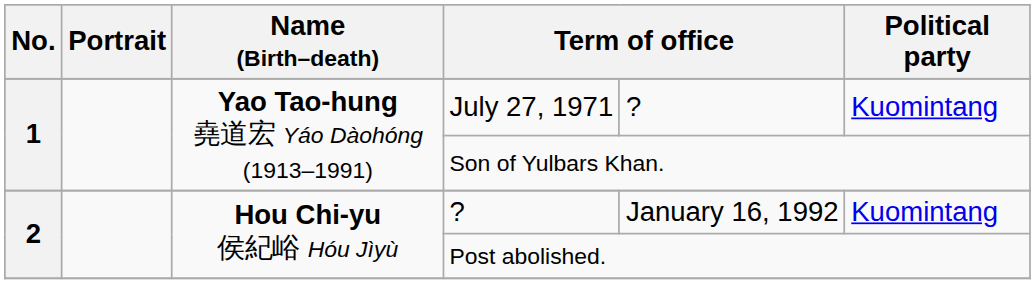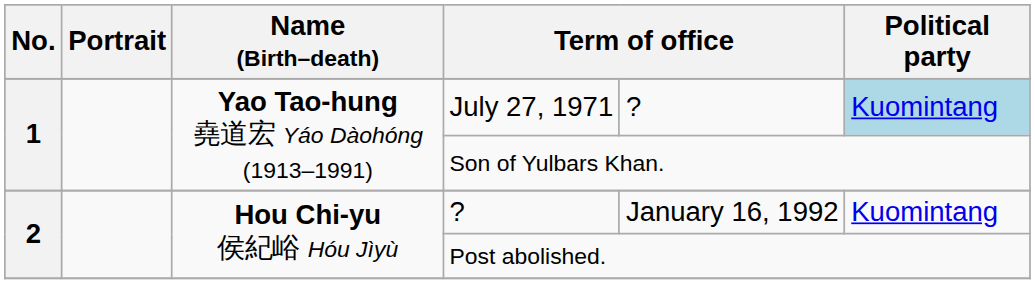 <table class="wikitable">
 <tr>
 <th>No.</th>
 <th>Portrait</th>
 <th width="150px">Name<br><small>(Birth–death)</small></th>
 <th colspan="2" width="200px">Term of office</th>
 <th width="100px">Political party</th>
 </tr>
 <tr>
 </tr>
 <tr>
 <th rowspan="2" style="background-color:">1</th>
 <td rowspan="2" align="center"></td>
 <td rowspan="2" align="center"><strong>Yao Tao-hung</strong><br><span>堯道宏</span> <small><em>Yáo Dàohóng</em></small> <small>(1913–1991)</small></td>
 <td>July 27, 1971</td>
 <td>?</td>
-<td><a href='#'>Kuomintang</a></td>
+<td style="background: lightblue;"><a href='#'>Kuomintang</a></td>
 </tr>
 <tr>
 <td colspan="4"><small>Son of Yulbars Khan.</small></td>
 </tr>
 <tr>
 </tr>
 <tr>
 <th rowspan="2" style="background-color:">2</th>
 <td rowspan="2" align="center"></td>
 <td rowspan="2" align="center"><strong>Hou Chi-yu</strong><br><span>侯紀峪</span> <small><em>Hóu Jìyù</em></small></td>
 <td>?</td>
 <td>January 16, 1992</td>
 <td><a href='#'>Kuomintang</a></td>
 </tr>
 <tr>
 <td colspan="4"><small>Post abolished.</small></td>
 </tr>
 <tr>
 </tr>
 </table>
